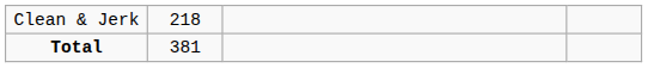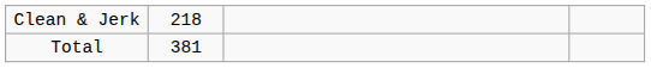 <table class = "wikitable" style="text-align:center;">
 <tr>
 <td width=100>Clean & Jerk</td>
 <td width=50>218</td>
 <td width=250 align=left></td>
 <td width=50></td>
 </tr>
 <tr>
-<td><strong>Total</strong></td>
+<td>Total</td>
 <td>381</td>
 <td align=left></td>
 <td></td>
 </tr>
 </table>
